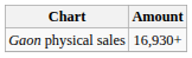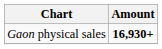 <table class="wikitable">
 <tr>
 <th>Chart</th>
 <th>Amount</th>
 </tr>
 <tr>
 <td><em>Gaon</em> physical sales</td>
-<td style="text-align:center;">16,930+</td>
+<td style="text-align:center;"><strong>16,930+</strong></td>
 </tr>
 <tr>
 </tr>
 </table>
